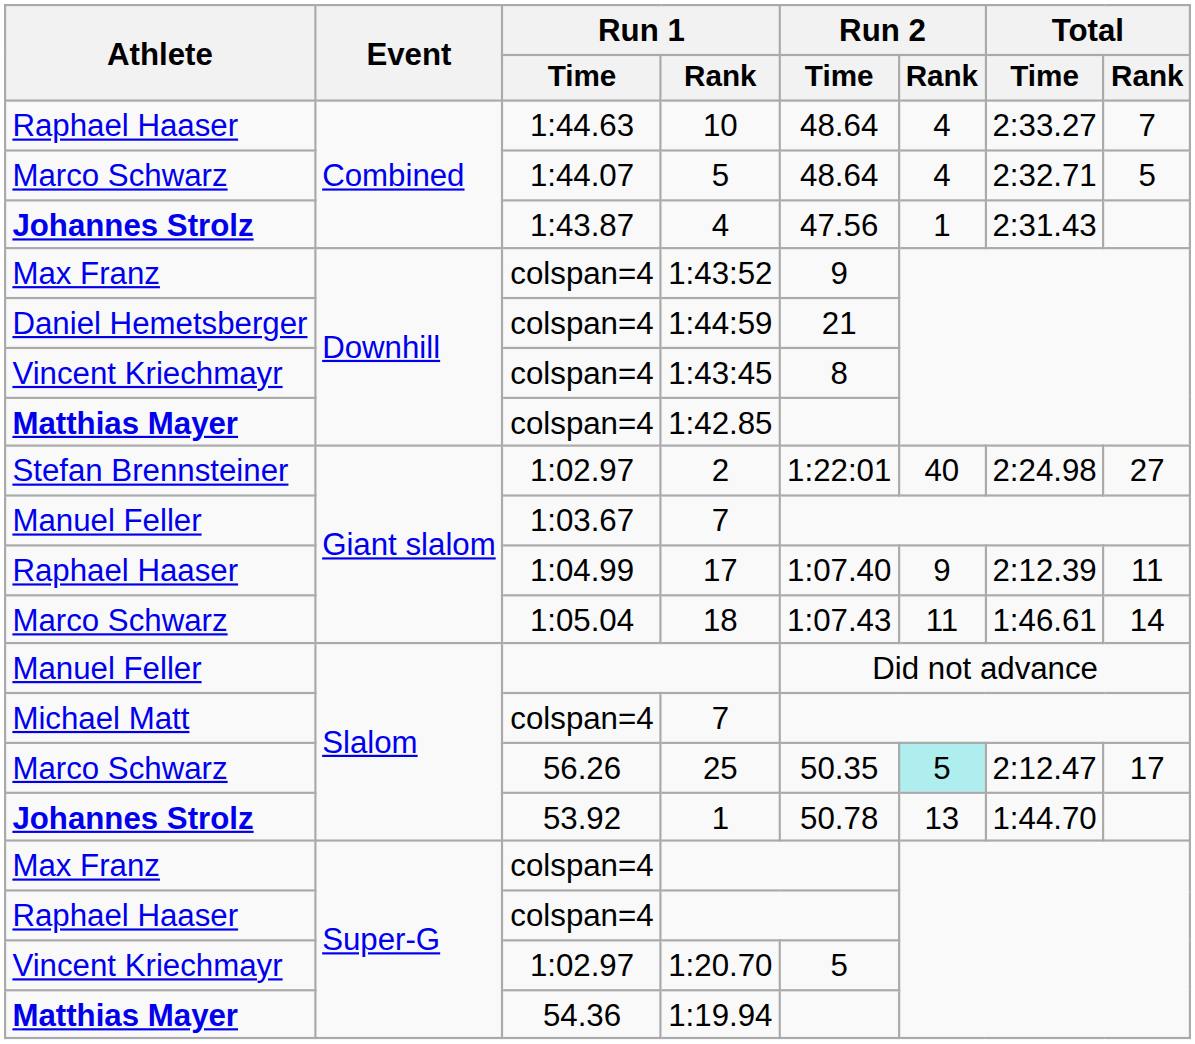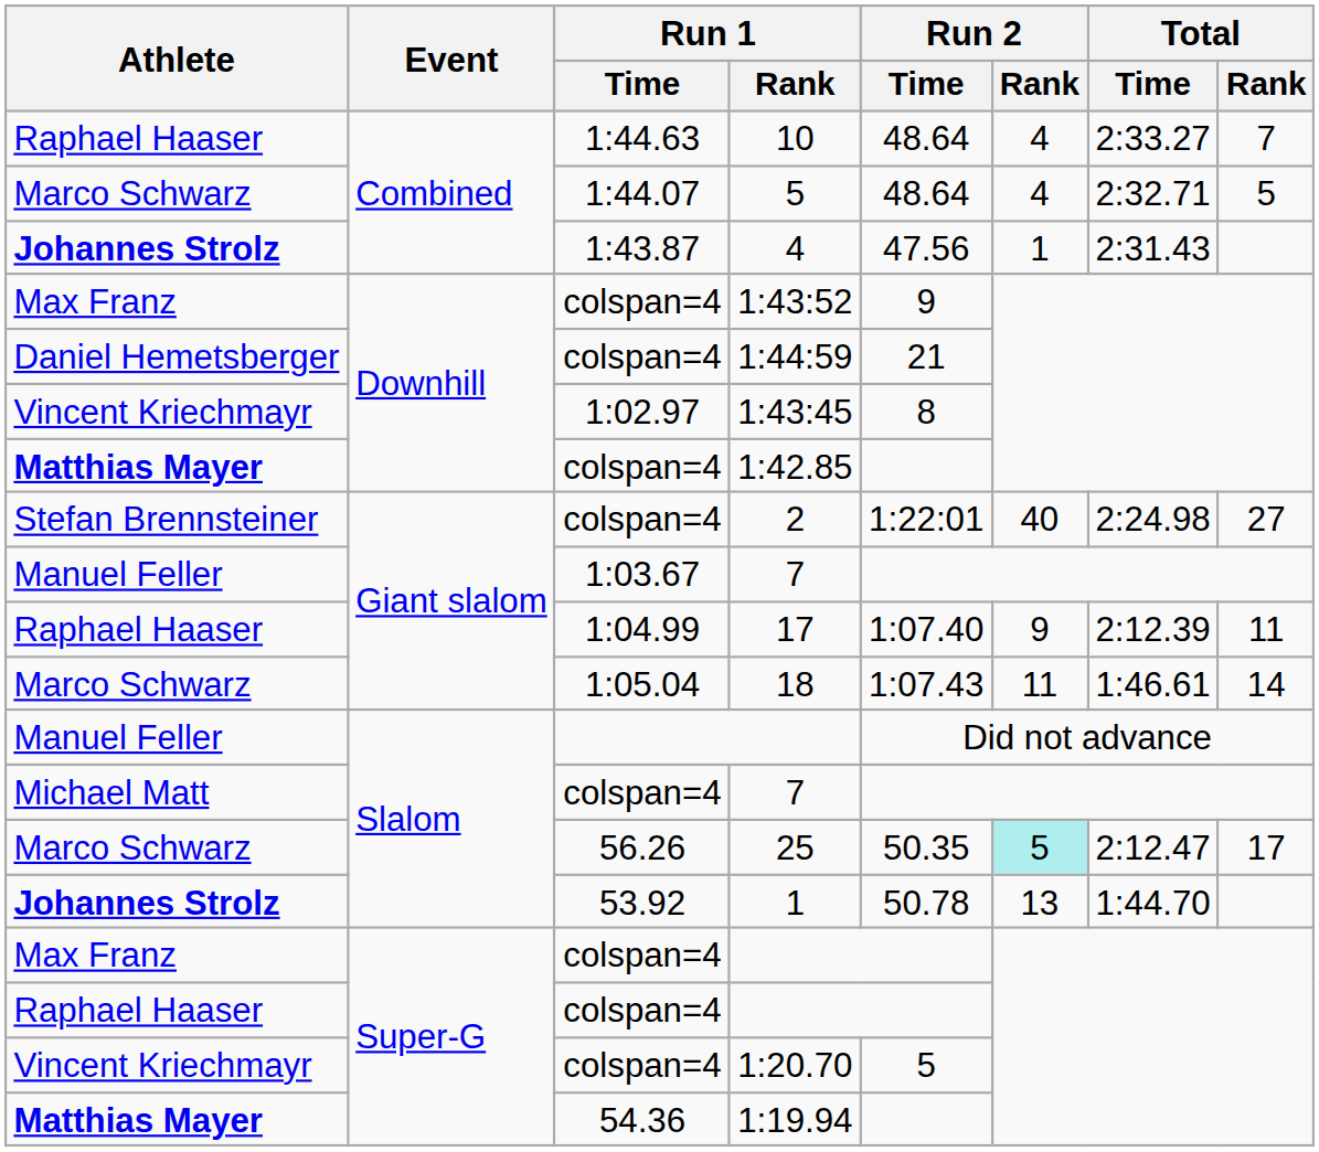 <table class=wikitable style="font-size:90%; text-align:center">
 <tr>
 <th rowspan=2>Athlete</th>
 <th rowspan=2>Event</th>
 <th colspan=2>Run 1</th>
 <th colspan=2>Run 2</th>
 <th colspan=2>Total</th>
 </tr>
 <tr style="font-size:95%">
 <th>Time</th>
 <th>Rank</th>
 <th>Time</th>
 <th>Rank</th>
 <th>Time</th>
 <th>Rank</th>
 </tr>
 <tr>
 <td align=left><a href='#'>Raphael Haaser</a></td>
 <td align=left rowspan=3><a href='#'>Combined</a></td>
 <td>1:44.63</td>
 <td>10</td>
 <td>48.64</td>
 <td>4</td>
 <td>2:33.27</td>
 <td>7</td>
 </tr>
 <tr>
 <td align=left><a href='#'>Marco Schwarz</a></td>
 <td>1:44.07</td>
 <td>5</td>
 <td>48.64</td>
 <td>4</td>
 <td>2:32.71</td>
 <td>5</td>
 </tr>
 <tr>
 <td align=left><strong><a href='#'>Johannes Strolz</a></strong></td>
 <td>1:43.87</td>
 <td>4</td>
 <td>47.56</td>
 <td>1</td>
 <td>2:31.43</td>
 <td></td>
 </tr>
 <tr>
 <td align=left><a href='#'>Max Franz</a></td>
 <td align=left rowspan=4><a href='#'>Downhill</a></td>
 <td>colspan=4</td>
 <td>1:43:52</td>
 <td>9</td>
 </tr>
 <tr>
 <td align=left><a href='#'>Daniel Hemetsberger</a></td>
 <td>colspan=4</td>
 <td>1:44:59</td>
 <td>21</td>
 </tr>
 <tr>
 <td align=left><a href='#'>Vincent Kriechmayr</a></td>
-<td>colspan=4</td>
+<td>1:02.97</td>
 <td>1:43:45</td>
 <td>8</td>
 </tr>
 <tr>
 <td align=left><strong><a href='#'>Matthias Mayer</a></strong></td>
 <td>colspan=4</td>
 <td>1:42.85</td>
 <td></td>
 </tr>
 <tr>
 <td align=left><a href='#'>Stefan Brennsteiner</a></td>
 <td align=left rowspan=4><a href='#'>Giant slalom</a></td>
-<td>1:02.97</td>
+<td>colspan=4</td>
 <td>2</td>
 <td>1:22:01</td>
 <td>40</td>
 <td>2:24.98</td>
 <td>27</td>
 </tr>
 <tr>
 <td align=left><a href='#'>Manuel Feller</a></td>
 <td>1:03.67</td>
 <td>7</td>
 <td colspan=4></td>
 </tr>
 <tr>
 <td align=left><a href='#'>Raphael Haaser</a></td>
 <td>1:04.99</td>
 <td>17</td>
 <td>1:07.40</td>
 <td>9</td>
 <td>2:12.39</td>
 <td>11</td>
 </tr>
 <tr>
 <td align=left><a href='#'>Marco Schwarz</a></td>
 <td>1:05.04</td>
 <td>18</td>
 <td>1:07.43</td>
 <td>11</td>
 <td>1:46.61</td>
 <td>14</td>
 </tr>
 <tr>
 <td align=left><a href='#'>Manuel Feller</a></td>
 <td align=left rowspan=4><a href='#'>Slalom</a></td>
 <td colspan=2></td>
 <td colspan=4>Did not advance</td>
 </tr>
 <tr>
 <td align=left><a href='#'>Michael Matt</a></td>
 <td>colspan=4</td>
 <td>7</td>
 <td colspan=4></td>
 </tr>
 <tr>
 <td align=left><a href='#'>Marco Schwarz</a></td>
 <td>56.26</td>
 <td>25</td>
 <td>50.35</td>
 <td style="background: paleturquoise;">5</td>
 <td>2:12.47</td>
 <td>17</td>
 </tr>
 <tr>
 <td align=left><strong><a href='#'>Johannes Strolz</a></strong></td>
 <td>53.92</td>
 <td>1</td>
 <td>50.78</td>
 <td>13</td>
 <td>1:44.70</td>
 <td></td>
 </tr>
 <tr>
 <td align=left><a href='#'>Max Franz</a></td>
 <td align=left rowspan=4><a href='#'>Super-G</a></td>
 <td>colspan=4</td>
 <td colspan="2"></td>
 </tr>
 <tr>
 <td align=left><a href='#'>Raphael Haaser</a></td>
 <td>colspan=4</td>
 <td colspan="2"></td>
 </tr>
 <tr>
 <td align=left><a href='#'>Vincent Kriechmayr</a></td>
-<td>1:02.97</td>
+<td>colspan=4</td>
 <td>1:20.70</td>
 <td>5</td>
 </tr>
 <tr>
 <td align=left><strong><a href='#'>Matthias Mayer</a></strong></td>
 <td>54.36</td>
 <td>1:19.94</td>
 <td></td>
 </tr>
 </table>
